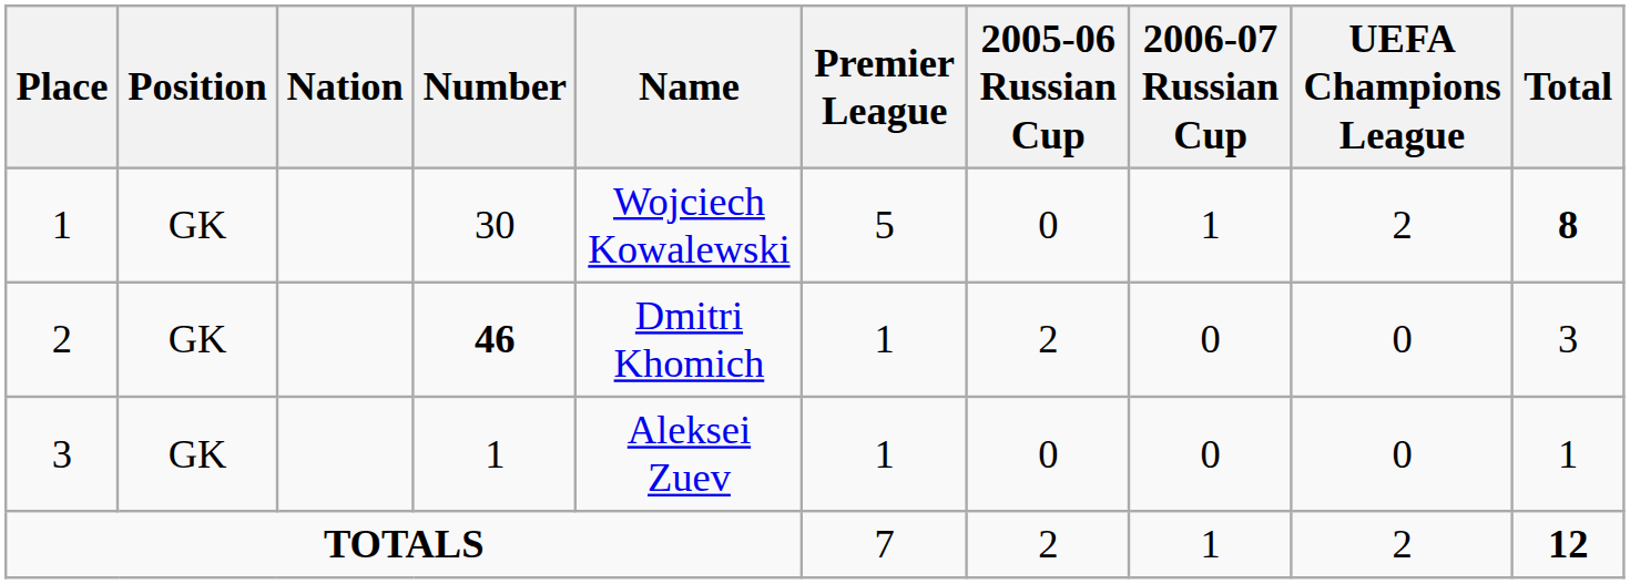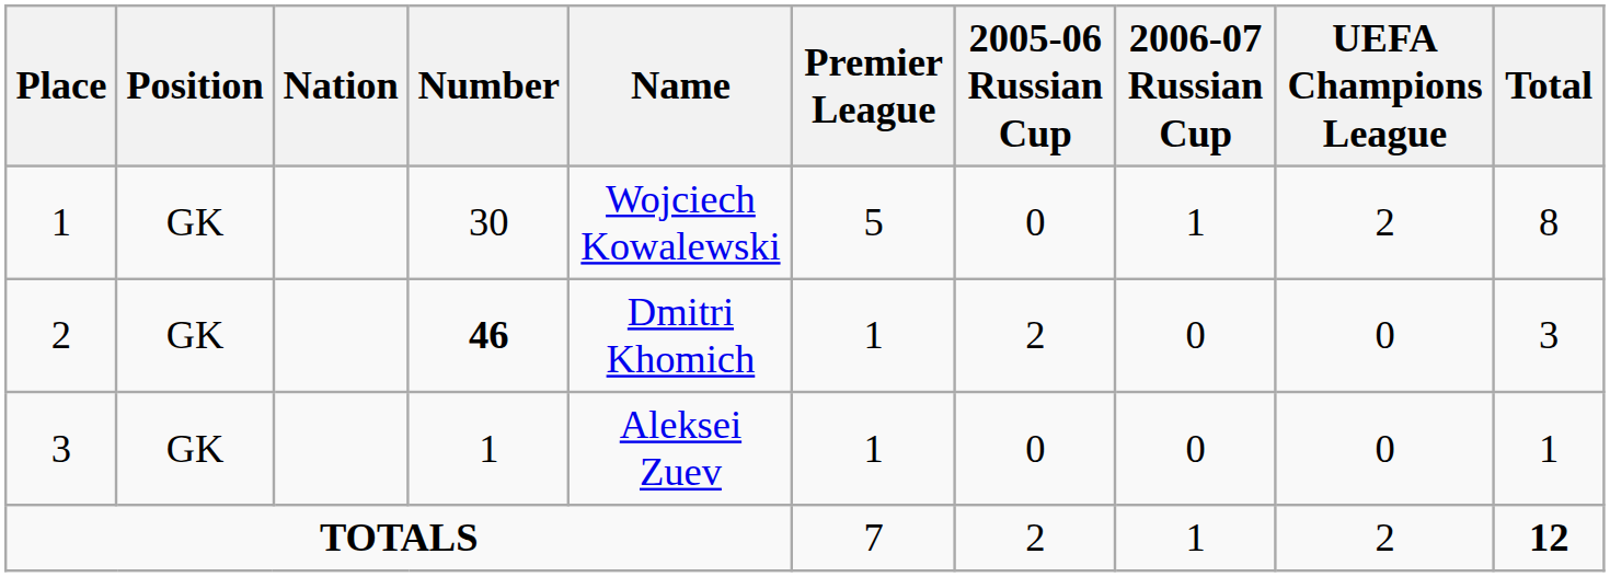 <table class="wikitable" style="font-size: 95%; text-align: center;">
 <tr>
 <th width=60>Place</th>
 <th width=60>Position</th>
 <th width=60>Nation</th>
 <th width=60>Number</th>
 <th width=150>Name</th>
 <th width=150>Premier League</th>
 <th width=150>2005-06 Russian Cup</th>
 <th width=150>2006-07 Russian Cup</th>
 <th width=150>UEFA Champions League</th>
 <th width=80>Total</th>
 </tr>
 <tr>
 <td>1</td>
 <td>GK</td>
 <td></td>
 <td>30</td>
 <td><a href='#'>Wojciech Kowalewski</a></td>
 <td>5</td>
 <td>0</td>
 <td>1</td>
 <td>2</td>
-<td><strong>8</strong></td>
+<td>8</td>
 </tr>
 <tr>
 <td>2</td>
 <td>GK</td>
 <td></td>
 <td><strong>46</strong></td>
 <td><a href='#'>Dmitri Khomich</a></td>
 <td>1</td>
 <td>2</td>
 <td>0</td>
 <td>0</td>
 <td>3</td>
 </tr>
 <tr>
 <td>3</td>
 <td>GK</td>
 <td></td>
 <td>1</td>
 <td><a href='#'>Aleksei Zuev</a></td>
 <td>1</td>
 <td>0</td>
 <td>0</td>
 <td>0</td>
 <td>1</td>
 </tr>
 <tr>
 <td colspan="5"><strong>TOTALS</strong></td>
 <td>7</td>
 <td>2</td>
 <td>1</td>
 <td>2</td>
 <td><strong>12</strong></td>
 </tr>
 </table>
